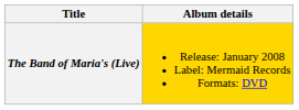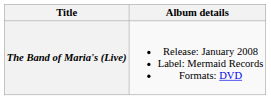 <table class="wikitable plainrowheaders" style="text-align:center;">
 <tr>
 <th scope="col" rowspan="1">Title</th>
 <th scope="col" rowspan="1">Album details</th>
 </tr>
 <tr>
 <th scope="row"><em>The Band of Maria's (Live)</em></th>
-<td style="background: gold;"><br><ul><li>Release: January 2008</li><li>Label: Mermaid Records</li><li>Formats: <a href='#'>DVD</a></li></ul></td>
+<td><br><ul><li>Release: January 2008</li><li>Label: Mermaid Records</li><li>Formats: <a href='#'>DVD</a></li></ul></td>
 </tr>
 </table>
